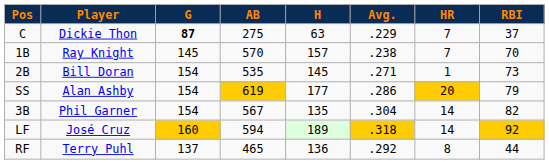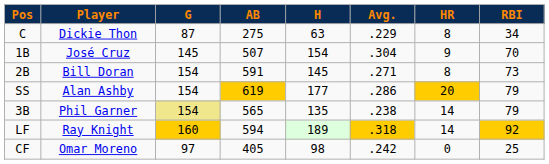 <table class="wikitable sortable">
 <tr>
 <th style="background:#092c57;color:#FF8800;" width="5%">Pos</th>
 <th style="background:#092c57;color:#FF8800;" width="16%">Player</th>
 <th style="background:#092c57;color:#FF8800;" width="9%">G</th>
 <th style="background:#092c57;color:#FF8800;" width="9%">AB</th>
 <th style="background:#092c57;color:#FF8800;" width="9%">H</th>
 <th style="background:#092c57;color:#FF8800;" width="9%">Avg.</th>
 <th style="background:#092c57;color:#FF8800;" width="9%">HR</th>
 <th style="background:#092c57;color:#FF8800;" width="9%">RBI</th>
 </tr>
 <tr align=center>
 <td>C</td>
 <td><a href='#'>Dickie Thon</a></td>
-<td><strong>87</strong></td>
+<td>87</td>
 <td>275</td>
 <td>63</td>
 <td>.229</td>
-<td>7</td>
-<td>37</td>
+<td>8</td>
+<td>34</td>
 </tr>
 <tr align=center>
 <td>1B</td>
-<td><a href='#'>Ray Knight</a></td>
+<td><a href='#'>José Cruz</a></td>
 <td>145</td>
-<td>570</td>
-<td>157</td>
-<td>.238</td>
-<td>7</td>
+<td>507</td>
+<td>154</td>
+<td>.304</td>
+<td>9</td>
 <td>70</td>
 </tr>
 <tr align=center>
 <td>2B</td>
 <td><a href='#'>Bill Doran</a></td>
 <td>154</td>
-<td>535</td>
+<td>591</td>
 <td>145</td>
 <td>.271</td>
-<td>1</td>
+<td>8</td>
 <td>73</td>
 </tr>
 <tr align=center>
 <td>SS</td>
 <td><a href='#'>Alan Ashby</a></td>
 <td>154</td>
 <td style="background:#fc0;">619</td>
 <td>177</td>
 <td>.286</td>
 <td style="background:#fc0;">20</td>
 <td>79</td>
 </tr>
 <tr align=center>
 <td>3B</td>
 <td><a href='#'>Phil Garner</a></td>
-<td>154</td>
-<td>567</td>
+<td style="background: khaki;">154</td>
+<td>565</td>
 <td>135</td>
-<td>.304</td>
+<td>.238</td>
 <td>14</td>
-<td>82</td>
+<td>79</td>
 </tr>
 <tr align=center>
 <td>LF</td>
-<td><a href='#'>José Cruz</a></td>
+<td><a href='#'>Ray Knight</a></td>
 <td style="background:#fc0;">160</td>
 <td>594</td>
 <td style="background:#DDFFDD;">189</td>
 <td style="background:#fc0;">.318</td>
 <td>14</td>
 <td style="background:#fc0;">92</td>
 </tr>
 <tr align=center>
-<td>RF</td>
-<td><a href='#'>Terry Puhl</a></td>
-<td>137</td>
-<td>465</td>
-<td>136</td>
-<td>.292</td>
-<td>8</td>
-<td>44</td>
+<td>CF</td>
+<td><a href='#'>Omar Moreno</a></td>
+<td>97</td>
+<td>405</td>
+<td>98</td>
+<td>.242</td>
+<td>0</td>
+<td>25</td>
 </tr>
 </table>
